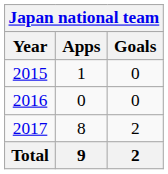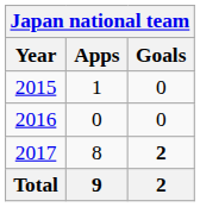 <table class="wikitable" style="text-align:center">
 <tr>
 <th colspan=3><a href='#'>Japan national team</a></th>
 </tr>
 <tr>
 <th>Year</th>
 <th>Apps</th>
 <th>Goals</th>
 </tr>
 <tr>
 <td><a href='#'>2015</a></td>
 <td>1</td>
 <td>0</td>
 </tr>
 <tr>
 <td><a href='#'>2016</a></td>
 <td>0</td>
 <td>0</td>
 </tr>
 <tr>
 <td><a href='#'>2017</a></td>
 <td>8</td>
-<td>2</td>
+<td><strong>2</strong></td>
 </tr>
 <tr>
 <th>Total</th>
 <th>9</th>
 <th>2</th>
 </tr>
 </table>
